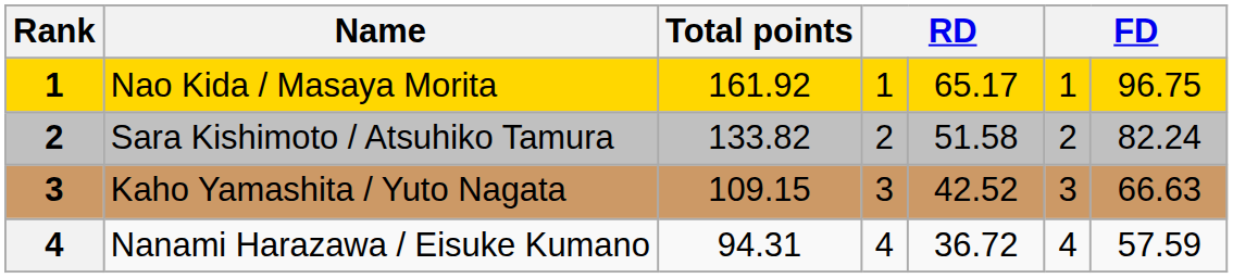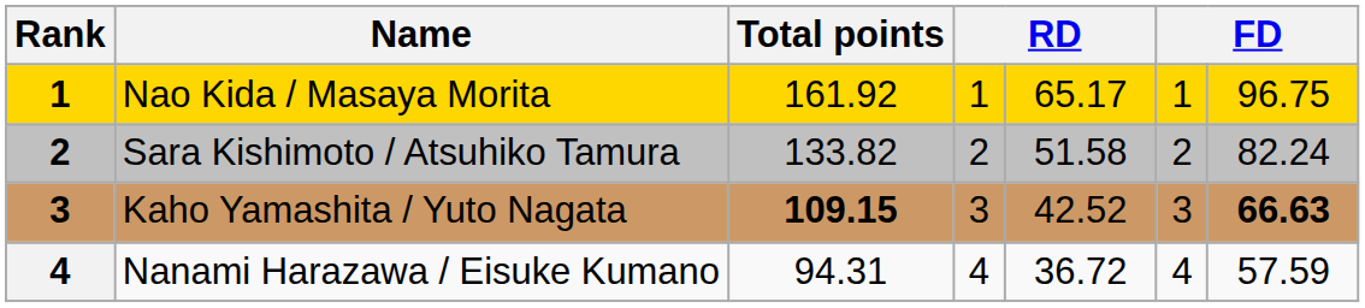 <table class="wikitable sortable">
 <tr>
 <th>Rank</th>
 <th>Name</th>
 <th>Total points</th>
 <th colspan="2" width="80px"><a href='#'>RD</a></th>
 <th colspan="2" width="80px"><a href='#'>FD</a></th>
 </tr>
 <tr bgcolor="gold">
 <td align="center"><strong>1</strong></td>
 <td>Nao Kida / Masaya Morita</td>
 <td align="center">161.92</td>
 <td align="center">1</td>
 <td align="center">65.17</td>
 <td align="center">1</td>
 <td align="center">96.75</td>
 </tr>
 <tr bgcolor="silver">
 <td align="center"><strong>2</strong></td>
 <td>Sara Kishimoto / Atsuhiko Tamura</td>
 <td align="center">133.82</td>
 <td align="center">2</td>
 <td align="center">51.58</td>
 <td align="center">2</td>
 <td align="center">82.24</td>
 </tr>
 <tr bgcolor="cc9966">
 <td align="center"><strong>3</strong></td>
 <td>Kaho Yamashita / Yuto Nagata</td>
-<td align="center">109.15</td>
+<td align="center"><strong>109.15</strong></td>
 <td align="center">3</td>
 <td align="center">42.52</td>
 <td align="center">3</td>
-<td align="center">66.63</td>
+<td align="center"><strong>66.63</strong></td>
 </tr>
 <tr>
 <th>4</th>
 <td>Nanami Harazawa / Eisuke Kumano</td>
 <td align="center">94.31</td>
 <td align="center">4</td>
 <td align="center">36.72</td>
 <td align="center">4</td>
 <td align="center">57.59</td>
 </tr>
 </table>
